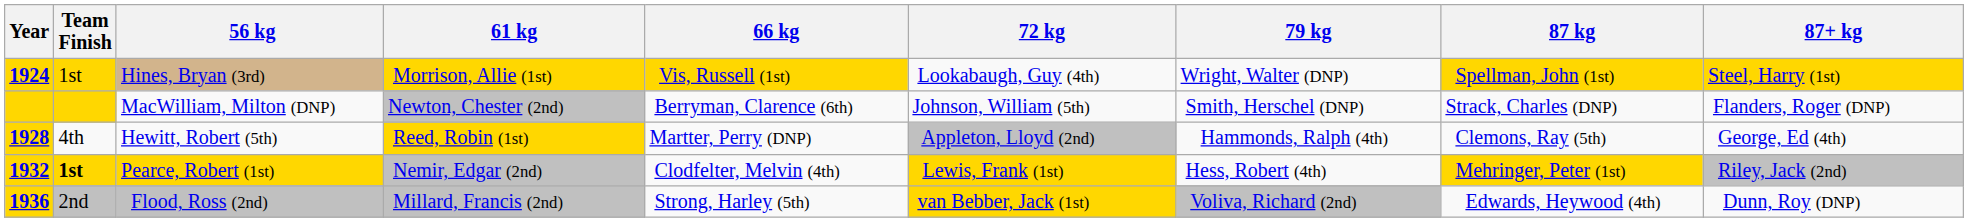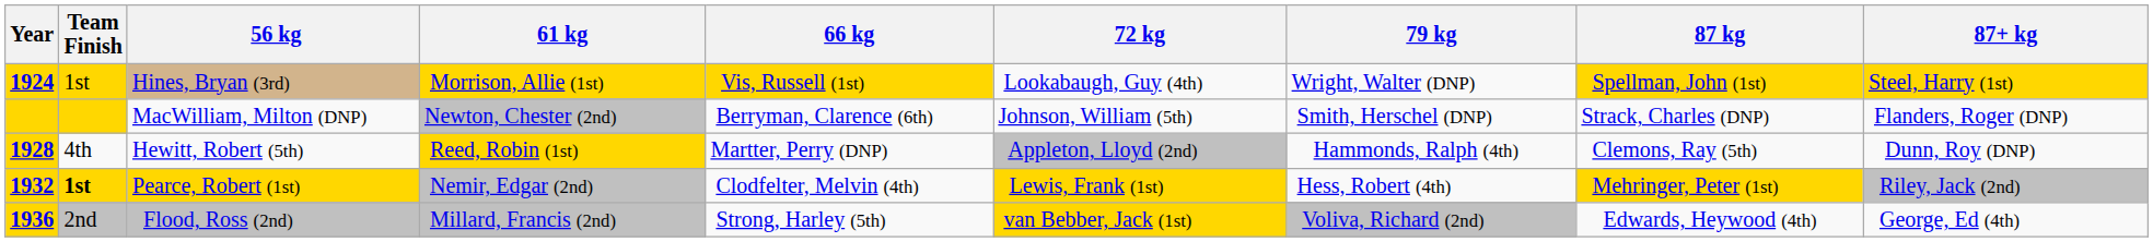 <table class="wikitable sortable"  style="font-size: 100%">
 <tr>
 <th>Year</th>
 <th>Team Finish</th>
 <th width=250> <a href='#'>56 kg</a></th>
 <th width=250><a href='#'>61 kg</a></th>
 <th width=250><a href='#'>66 kg</a></th>
 <th width=250><a href='#'>72 kg</a></th>
 <th width=250><a href='#'>79 kg</a></th>
 <th width=250><a href='#'>87 kg</a></th>
 <th width=250><a href='#'>87+ kg</a></th>
 </tr>
 <tr>
 <td bgcolor="GOLD"><strong><a href='#'>1924</a></strong></td>
 <td bgcolor="GOLD">1st</td>
 <td bgcolor="TAN"><a href='#'>Hines, Bryan</a> <small>(3rd)</small></td>
 <td bgcolor="GOLD"> <a href='#'>Morrison, Allie</a> <small>(1st)</small></td>
 <td bgcolor="GOLD">  <a href='#'>Vis, Russell</a> <small>(1st)</small></td>
 <td> <a href='#'>Lookabaugh, Guy</a> <small>(4th)</small></td>
 <td><a href='#'>Wright, Walter</a> <small>(DNP) </small></td>
 <td bgcolor="GOLD">  <a href='#'>Spellman, John</a> <small>(1st)</small></td>
 <td bgcolor="GOLD"><a href='#'>Steel, Harry</a> <small>(1st)</small></td>
 </tr>
 <tr>
 <td bgcolor="GOLD"></td>
 <td bgcolor="GOLD"></td>
 <td><a href='#'>MacWilliam, Milton</a> <small>(DNP) </small></td>
 <td bgcolor="SILVER"><a href='#'>Newton, Chester</a> <small> (2nd) </small></td>
 <td> <a href='#'>Berryman, Clarence</a> <small>(6th)</small></td>
 <td><a href='#'>Johnson, William</a> <small>(5th) </small></td>
 <td> <a href='#'>Smith, Herschel</a> <small>(DNP)</small></td>
 <td><a href='#'>Strack, Charles</a> <small>(DNP) </small></td>
 <td> <a href='#'>Flanders, Roger</a> <small>(DNP)</small></td>
 </tr>
 <tr>
 <td bgcolor="GOLD"><strong><a href='#'>1928</a></strong></td>
 <td>4th</td>
 <td><a href='#'>Hewitt, Robert</a> <small>(5th)</small></td>
 <td bgcolor="GOLD"> <a href='#'>Reed, Robin</a> <small>(1st)</small></td>
 <td><a href='#'>Martter, Perry</a> <small>(DNP) </small></td>
 <td bgcolor="SILVER">  <a href='#'>Appleton, Lloyd</a> <small>(2nd)</small></td>
 <td>    <a href='#'>Hammonds, Ralph</a> <small>(4th)</small></td>
 <td>  <a href='#'>Clemons, Ray</a> <small>(5th)</small></td>
-<td>  <a href='#'>George, Ed</a> <small>(4th)</small></td>
+<td>   <a href='#'>Dunn, Roy</a> <small>(DNP)</small></td>
 </tr>
 <tr>
 <td bgcolor="GOLD"><strong><a href='#'>1932</a></strong></td>
 <td bgcolor="GOLD"><strong>1st</strong></td>
 <td bgcolor="GOLD"><a href='#'>Pearce, Robert</a> <small>(1st)</small></td>
 <td bgcolor="SILVER"> <a href='#'>Nemir, Edgar</a> <small>(2nd)</small></td>
 <td> <a href='#'>Clodfelter, Melvin</a> <small>(4th)</small></td>
 <td bgcolor="GOLD">  <a href='#'>Lewis, Frank</a> <small>(1st)</small></td>
 <td> <a href='#'>Hess, Robert</a> <small>(4th)</small></td>
 <td bgcolor="GOLD">  <a href='#'>Mehringer, Peter</a> <small>(1st)</small></td>
 <td bgcolor="SILVER">  <a href='#'>Riley, Jack</a> <small>(2nd)</small></td>
 </tr>
 <tr>
 <td bgcolor="GOLD"><strong><a href='#'>1936</a></strong></td>
 <td bgcolor="SILVER">2nd</td>
 <td bgcolor="SILVER">  <a href='#'>Flood, Ross</a> <small>(2nd)</small></td>
 <td bgcolor="silver"> <a href='#'>Millard, Francis</a> <small>(2nd)</small></td>
 <td> <a href='#'>Strong, Harley</a> <small>(5th)</small></td>
 <td bgcolor="GOLD"> <a href='#'>van Bebber, Jack</a> <small>(1st)</small></td>
 <td bgcolor="SILVER">  <a href='#'>Voliva, Richard</a> <small>(2nd)</small></td>
 <td>    <a href='#'>Edwards, Heywood</a> <small>(4th)</small></td>
-<td>   <a href='#'>Dunn, Roy</a> <small>(DNP)</small></td>
+<td>  <a href='#'>George, Ed</a> <small>(4th)</small></td>
 </tr>
 </table>
